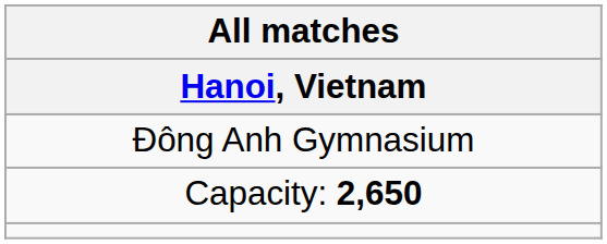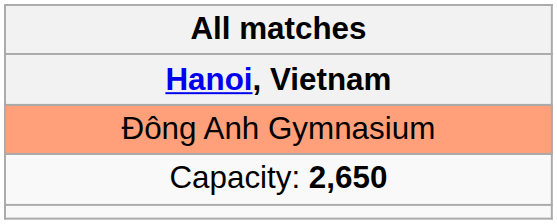 <table class="wikitable" style="text-align:center" width=280>
 <tr>
 <th>All matches</th>
 </tr>
 <tr>
 <th><a href='#'>Hanoi</a>, Vietnam</th>
 </tr>
 <tr>
-<td>Đông Anh Gymnasium</td>
+<td style="background: lightsalmon;">Đông Anh Gymnasium</td>
 </tr>
 <tr>
 <td>Capacity: <strong>2,650</strong></td>
 </tr>
 <tr>
 <td></td>
 </tr>
 </table>
